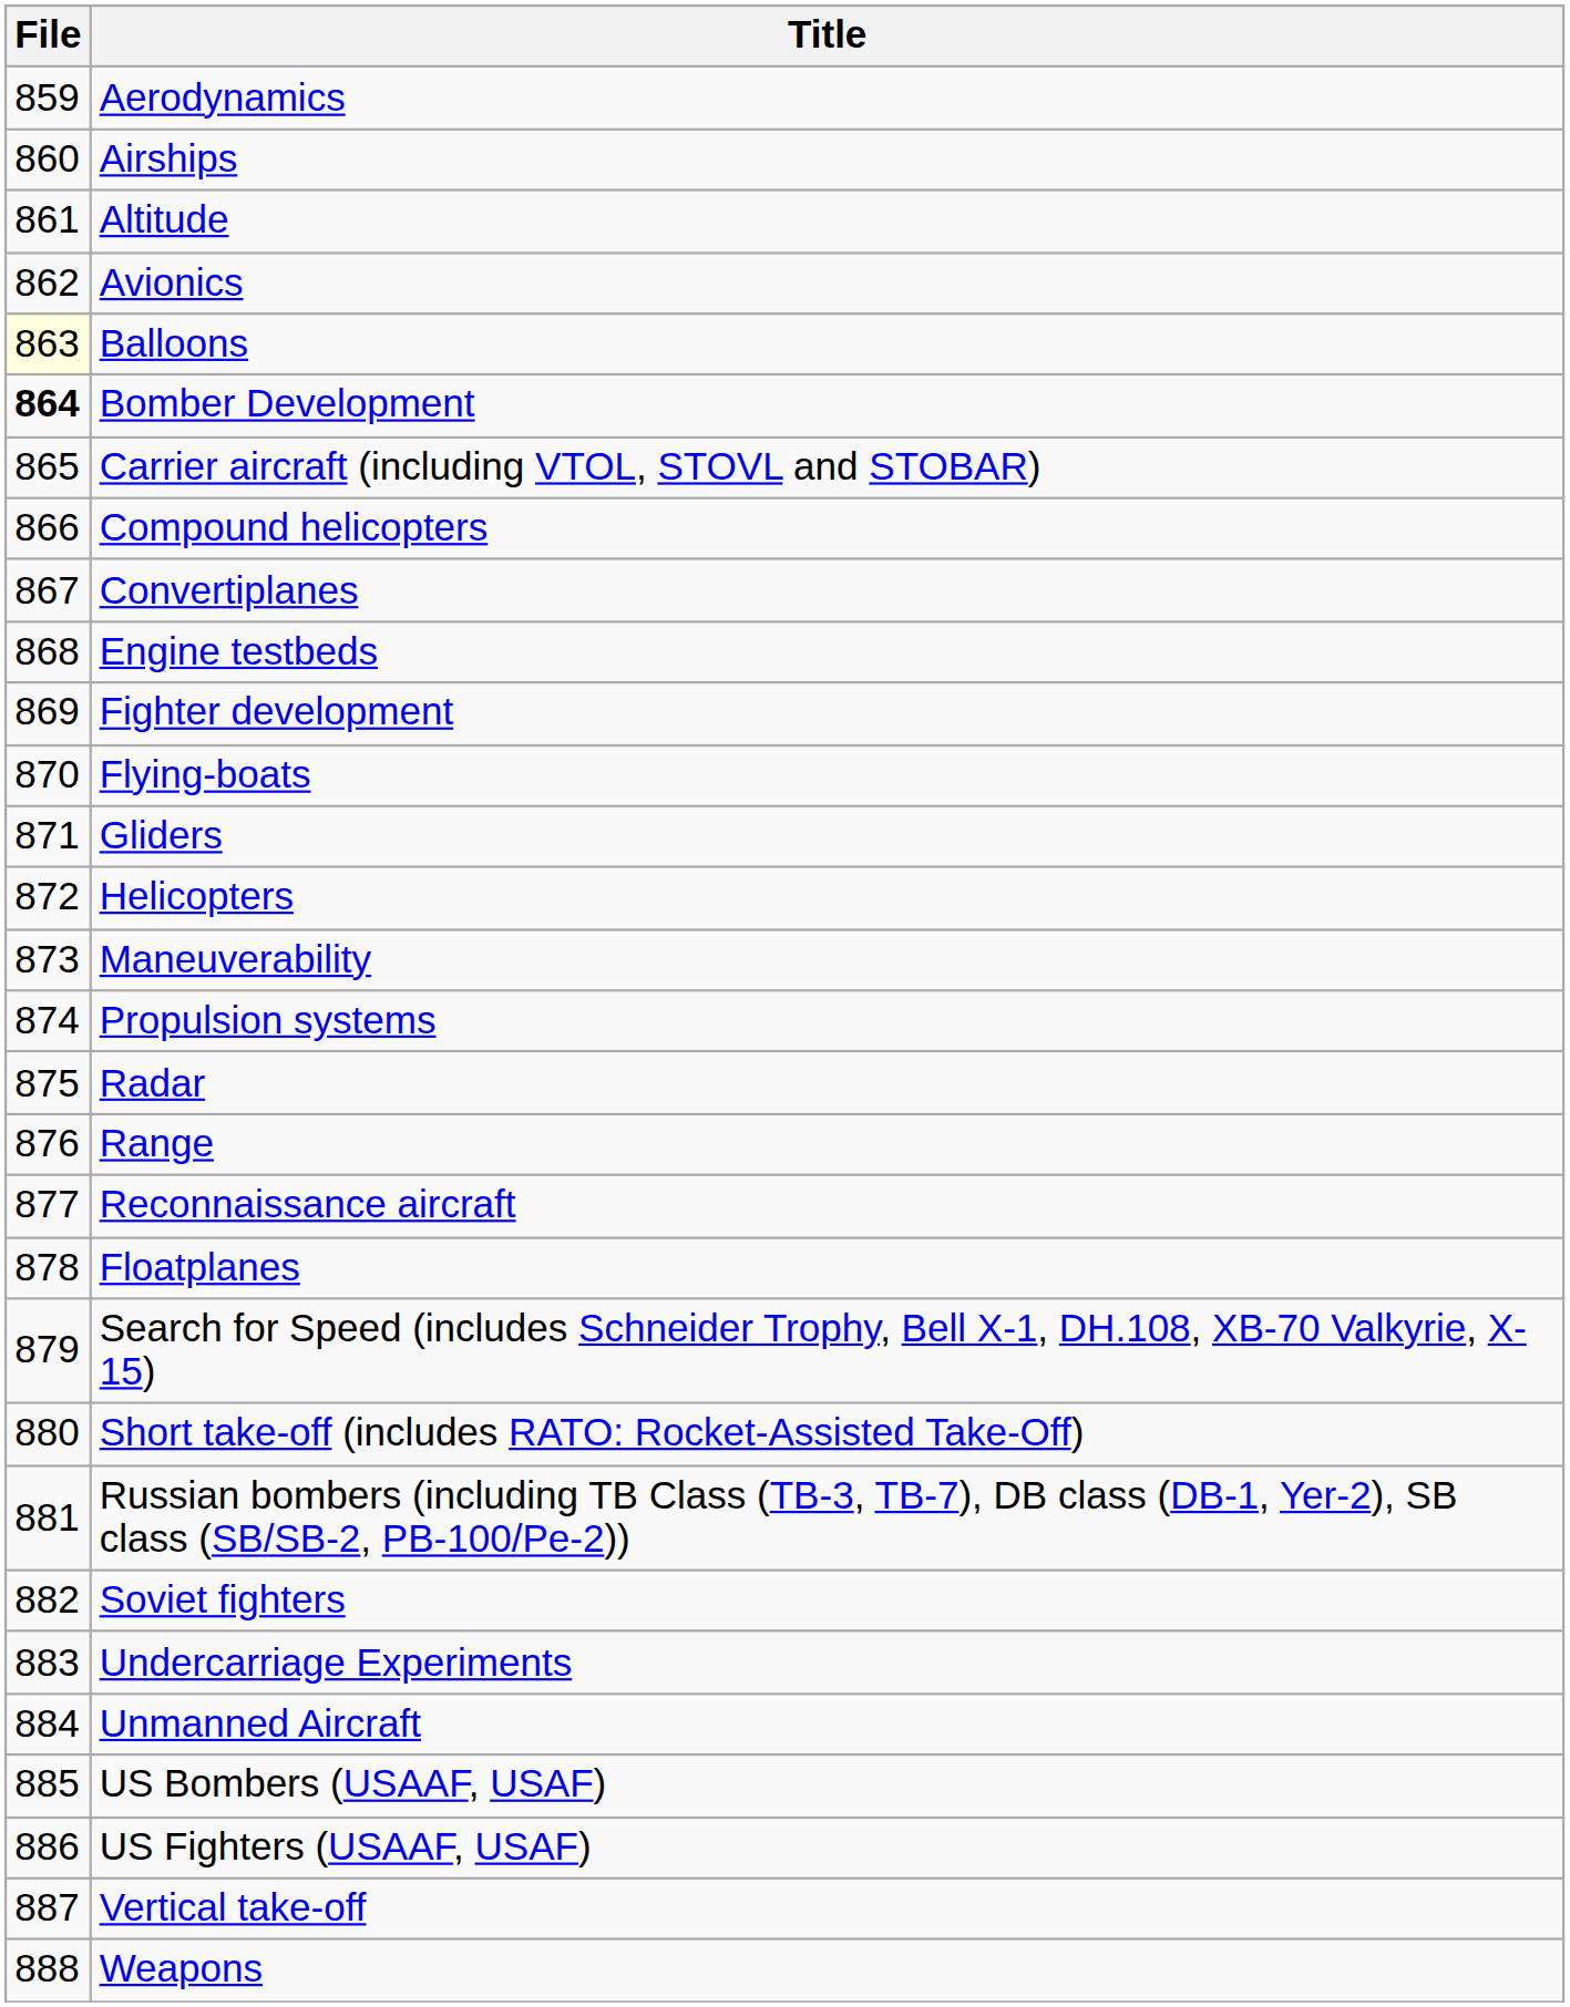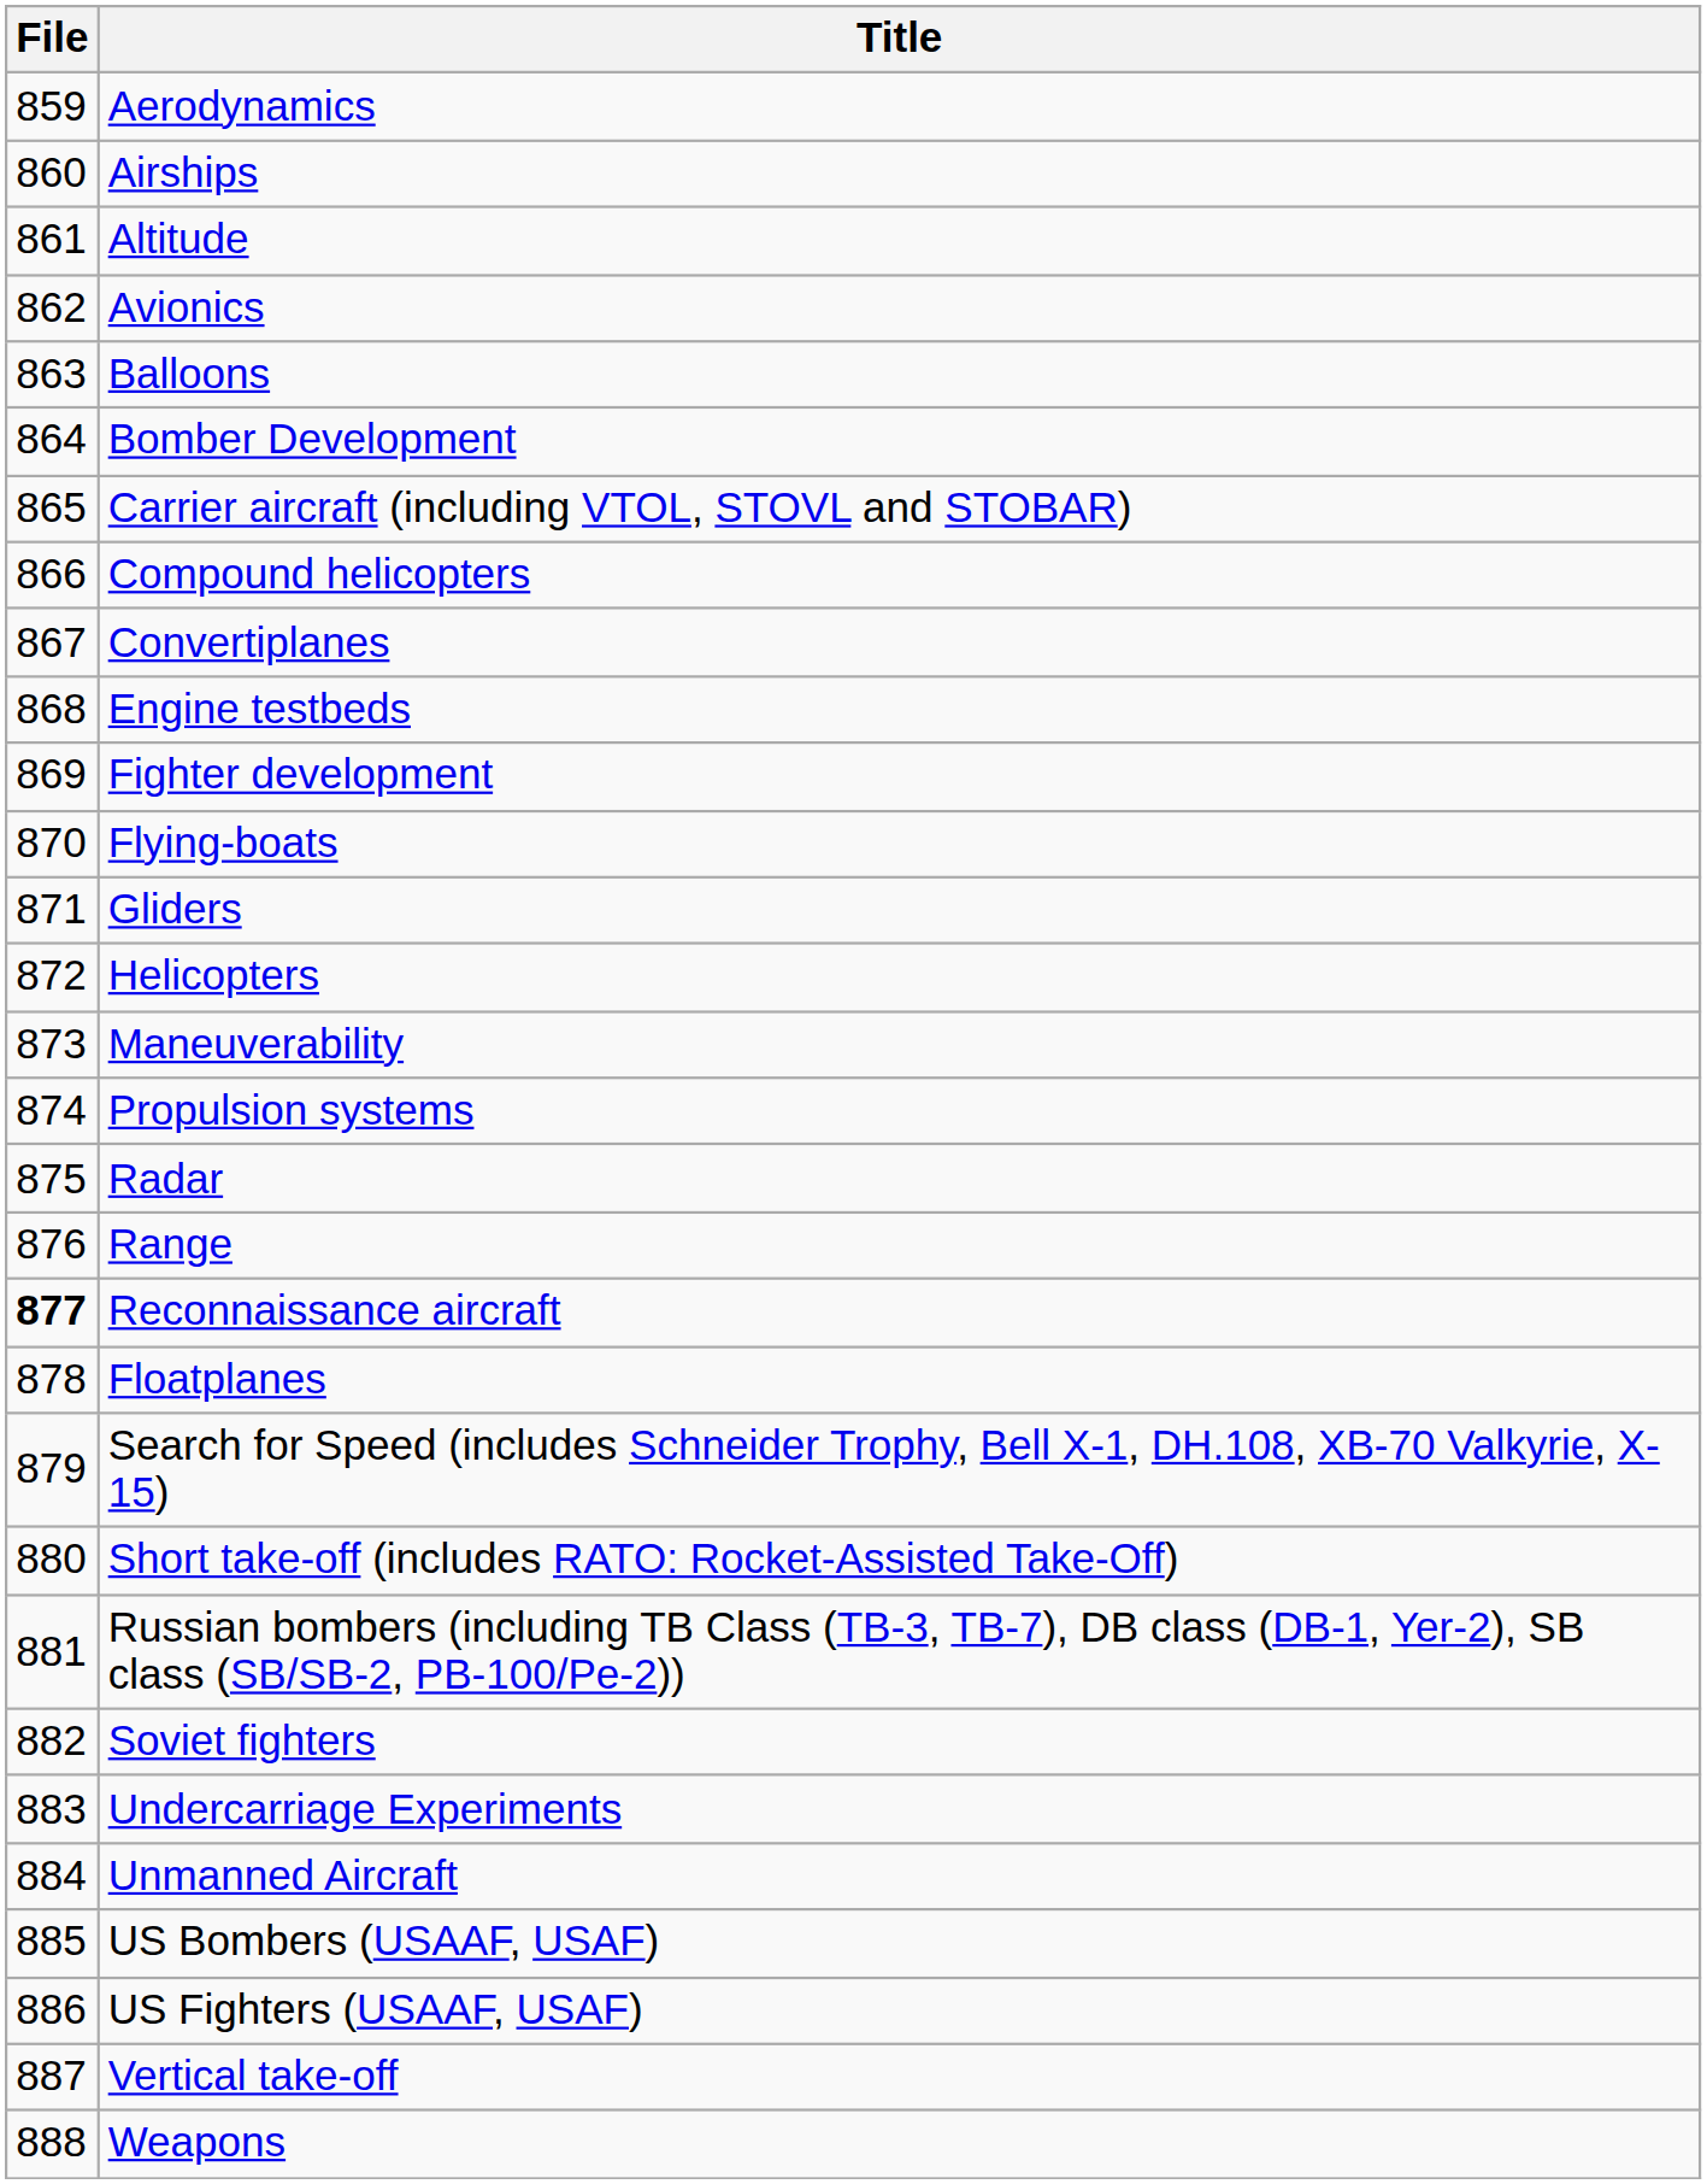 <table class="wikitable collapsible collapsed" border="1">
 <tr>
 <th>File</th>
 <th width=600>Title</th>
 </tr>
 <tr>
 <td>859</td>
 <td><a href='#'>Aerodynamics</a></td>
 </tr>
 <tr>
 <td>860</td>
 <td><a href='#'>Airships</a></td>
 </tr>
 <tr>
 <td>861</td>
 <td><a href='#'>Altitude</a></td>
 </tr>
 <tr>
 <td>862</td>
 <td><a href='#'>Avionics</a></td>
 </tr>
 <tr>
-<td style="background: lightyellow;">863</td>
+<td>863</td>
 <td><a href='#'>Balloons</a></td>
 </tr>
 <tr>
-<td><strong>864</strong></td>
+<td>864</td>
 <td><a href='#'>Bomber Development</a></td>
 </tr>
 <tr>
 <td>865</td>
 <td><a href='#'>Carrier aircraft</a> (including <a href='#'>VTOL</a>, <a href='#'>STOVL</a> and <a href='#'>STOBAR</a>)</td>
 </tr>
 <tr>
 <td>866</td>
 <td><a href='#'>Compound helicopters</a></td>
 </tr>
 <tr>
 <td>867</td>
 <td><a href='#'>Convertiplanes</a></td>
 </tr>
 <tr>
 <td>868</td>
 <td><a href='#'>Engine testbeds</a></td>
 </tr>
 <tr>
 <td>869</td>
 <td><a href='#'>Fighter development</a></td>
 </tr>
 <tr>
 <td>870</td>
 <td><a href='#'>Flying-boats</a></td>
 </tr>
 <tr>
 <td>871</td>
 <td><a href='#'>Gliders</a></td>
 </tr>
 <tr>
 <td>872</td>
 <td><a href='#'>Helicopters</a></td>
 </tr>
 <tr>
 <td>873</td>
 <td><a href='#'>Maneuverability</a></td>
 </tr>
 <tr>
 <td>874</td>
 <td><a href='#'>Propulsion systems</a></td>
 </tr>
 <tr>
 <td>875</td>
 <td><a href='#'>Radar</a></td>
 </tr>
 <tr>
 <td>876</td>
 <td><a href='#'>Range</a></td>
 </tr>
 <tr>
-<td>877</td>
+<td><strong>877</strong></td>
 <td><a href='#'>Reconnaissance aircraft</a></td>
 </tr>
 <tr>
 <td>878</td>
 <td><a href='#'>Floatplanes</a></td>
 </tr>
 <tr>
 <td>879</td>
 <td>Search for Speed (includes <a href='#'>Schneider Trophy</a>, <a href='#'>Bell X-1</a>, <a href='#'>DH.108</a>, <a href='#'>XB-70 Valkyrie</a>, <a href='#'>X-15</a>)</td>
 </tr>
 <tr>
 <td>880</td>
 <td><a href='#'>Short take-off</a> (includes <a href='#'>RATO: Rocket-Assisted Take-Off</a>)</td>
 </tr>
 <tr>
 <td>881</td>
 <td>Russian bombers (including TB Class (<a href='#'>TB-3</a>, <a href='#'>TB-7</a>), DB class (<a href='#'>DB-1</a>, <a href='#'>Yer-2</a>), SB class (<a href='#'>SB/SB-2</a>, <a href='#'>PB-100/Pe-2</a>))</td>
 </tr>
 <tr>
 <td>882</td>
 <td><a href='#'>Soviet fighters</a></td>
 </tr>
 <tr>
 <td>883</td>
 <td><a href='#'>Undercarriage Experiments</a></td>
 </tr>
 <tr>
 <td>884</td>
 <td><a href='#'>Unmanned Aircraft</a></td>
 </tr>
 <tr>
 <td>885</td>
 <td>US Bombers (<a href='#'>USAAF</a>, <a href='#'>USAF</a>)</td>
 </tr>
 <tr>
 <td>886</td>
 <td>US Fighters (<a href='#'>USAAF</a>, <a href='#'>USAF</a>)</td>
 </tr>
 <tr>
 <td>887</td>
 <td><a href='#'>Vertical take-off</a></td>
 </tr>
 <tr>
 <td>888</td>
 <td><a href='#'>Weapons</a></td>
 </tr>
 </table>
